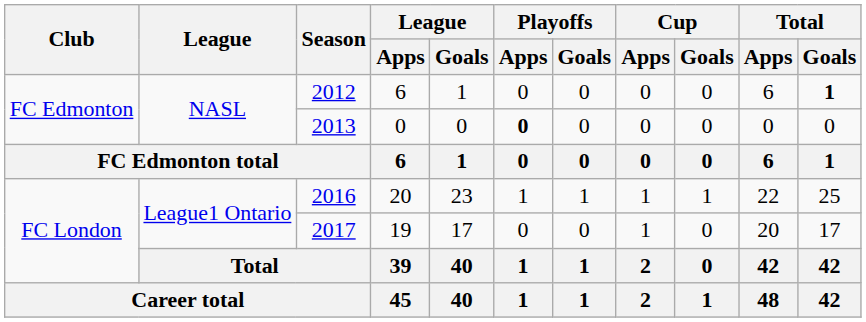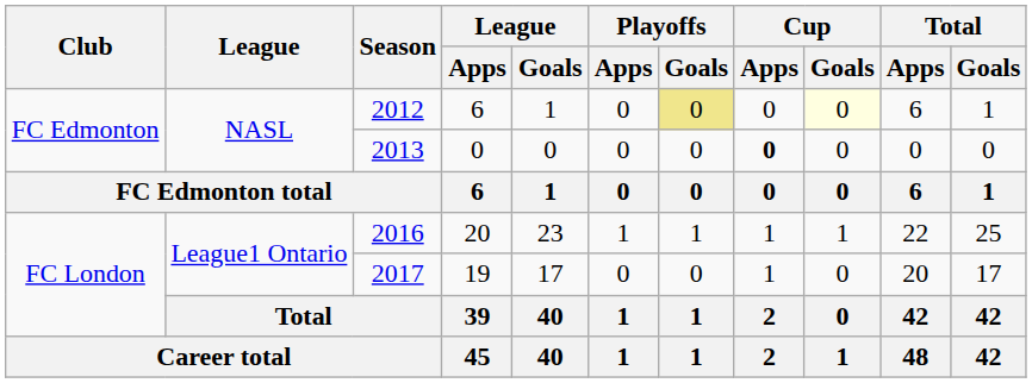 <table class="wikitable" style="text-align: center;">
 <tr>
 <th rowspan="2">Club</th>
 <th rowspan="2">League</th>
 <th rowspan="2">Season</th>
 <th colspan="2">League</th>
 <th colspan="2">Playoffs</th>
 <th colspan="2">Cup</th>
 <th colspan="2">Total</th>
 </tr>
 <tr>
 <th>Apps</th>
 <th>Goals</th>
 <th>Apps</th>
 <th>Goals</th>
 <th>Apps</th>
 <th>Goals</th>
 <th>Apps</th>
 <th>Goals</th>
 </tr>
 <tr>
 <td rowspan="2"><a href='#'>FC Edmonton</a></td>
 <td rowspan="2"><a href='#'>NASL</a></td>
 <td><a href='#'>2012</a></td>
 <td>6</td>
 <td>1</td>
 <td>0</td>
+<td style="background: khaki;">0</td>
 <td>0</td>
-<td>0</td>
-<td>0</td>
+<td style="background: lightyellow;">0</td>
 <td>6</td>
-<td><strong>1</strong></td>
+<td>1</td>
 </tr>
 <tr>
 <td><a href='#'>2013</a></td>
 <td>0</td>
 <td>0</td>
-<td><strong>0</strong></td>
 <td>0</td>
 <td>0</td>
+<td><strong>0</strong></td>
 <td>0</td>
 <td>0</td>
 <td>0</td>
 </tr>
 <tr>
 <th colspan="3">FC Edmonton total</th>
 <th>6</th>
 <th>1</th>
 <th>0</th>
 <th>0</th>
 <th>0</th>
 <th>0</th>
 <th>6</th>
 <th>1</th>
 </tr>
 <tr>
 <td rowspan="3"><a href='#'>FC London</a></td>
 <td rowspan="2"><a href='#'>League1 Ontario</a></td>
 <td><a href='#'>2016</a></td>
 <td>20</td>
 <td>23</td>
 <td>1</td>
 <td>1</td>
 <td>1</td>
 <td>1</td>
 <td>22</td>
 <td>25</td>
 </tr>
 <tr>
 <td><a href='#'>2017</a></td>
 <td>19</td>
 <td>17</td>
 <td>0</td>
 <td>0</td>
 <td>1</td>
 <td>0</td>
 <td>20</td>
 <td>17</td>
 </tr>
 <tr>
 <th colspan="2">Total</th>
 <th>39</th>
 <th>40</th>
 <th>1</th>
 <th>1</th>
 <th>2</th>
 <th>0</th>
 <th>42</th>
 <th>42</th>
 </tr>
 <tr>
 <th colspan="3">Career total</th>
 <th>45</th>
 <th>40</th>
 <th>1</th>
 <th>1</th>
 <th>2</th>
 <th>1</th>
 <th>48</th>
 <th>42</th>
 </tr>
 </table>
